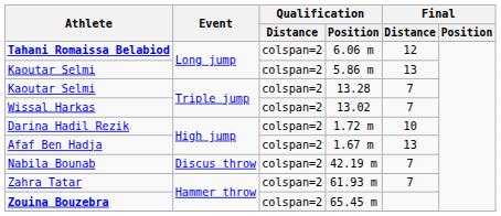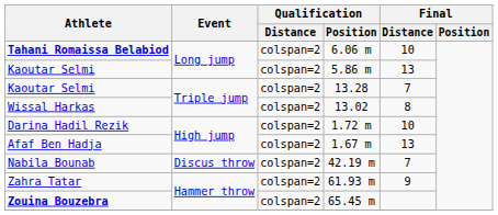 <table class=wikitable style=font-size:90%;text-align:center>
 <tr>
 <th rowspan=2>Athlete</th>
 <th rowspan=2>Event</th>
 <th colspan=2>Qualification</th>
 <th colspan=2>Final</th>
 </tr>
 <tr style=font-size:95%>
 <th>Distance</th>
 <th>Position</th>
 <th>Distance</th>
 <th>Position</th>
 </tr>
 <tr>
 <td align=left><strong><a href='#'>Tahani Romaissa Belabiod</a></strong></td>
 <td align=left rowspan=2><a href='#'>Long jump</a></td>
 <td>colspan=2 </td>
 <td>6.06 m</td>
-<td>12</td>
+<td>10</td>
 </tr>
 <tr>
 <td align=left><a href='#'>Kaoutar Selmi</a></td>
 <td>colspan=2 </td>
 <td>5.86 m</td>
 <td>13</td>
 </tr>
 <tr>
 <td align=left><a href='#'>Kaoutar Selmi</a></td>
 <td align=left rowspan=2><a href='#'>Triple jump</a></td>
 <td>colspan=2 </td>
 <td>13.28 </td>
 <td>7</td>
 </tr>
 <tr>
 <td align=left><a href='#'>Wissal Harkas</a></td>
 <td>colspan=2 </td>
 <td>13.02 </td>
-<td>7</td>
+<td>8</td>
 </tr>
 <tr>
 <td align=left><a href='#'>Darina Hadil Rezik</a></td>
 <td align=left rowspan=2><a href='#'>High jump</a></td>
 <td>colspan=2 </td>
 <td>1.72 m</td>
 <td>10</td>
 </tr>
 <tr>
 <td align=left><a href='#'>Afaf Ben Hadja</a></td>
 <td>colspan=2 </td>
 <td>1.67 m</td>
 <td>13</td>
 </tr>
 <tr>
 <td align=left><a href='#'>Nabila Bounab</a></td>
 <td align=left><a href='#'>Discus throw</a></td>
 <td>colspan=2 </td>
 <td>42.19 m</td>
 <td>7</td>
 </tr>
 <tr>
 <td align=left><a href='#'>Zahra Tatar</a></td>
 <td align=left rowspan=2><a href='#'>Hammer throw</a></td>
 <td>colspan=2 </td>
 <td>61.93 m</td>
-<td>7</td>
+<td>9</td>
 </tr>
 <tr>
 <td align=left><strong><a href='#'>Zouina Bouzebra</a></strong></td>
 <td>colspan=2 </td>
 <td>65.45 m</td>
 <td></td>
 </tr>
 <tr>
 </tr>
 </table>
